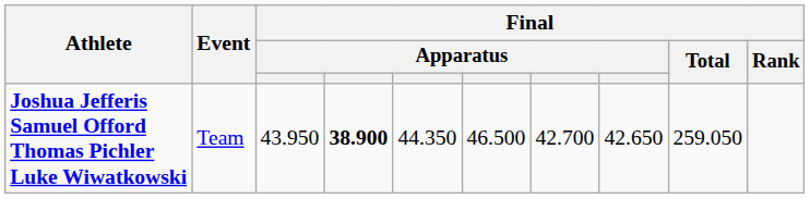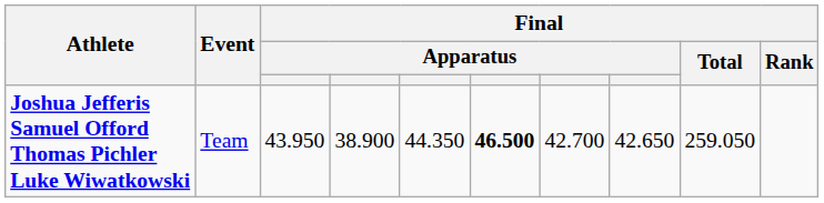 <table class=wikitable style=font-size:90%;text-align:center>
 <tr>
 <th rowspan=3>Athlete</th>
 <th rowspan=3>Event</th>
 <th colspan=8>Final</th>
 </tr>
 <tr style=font-size:95%>
 <th colspan=6>Apparatus</th>
 <th rowspan=2>Total</th>
 <th rowspan=2>Rank</th>
 </tr>
 <tr style=font-size:95%>
 <th></th>
 <th></th>
 <th></th>
 <th></th>
 <th></th>
 <th></th>
 </tr>
 <tr align=center>
 <td align=left><strong><a href='#'>Joshua Jefferis</a><br><a href='#'>Samuel Offord</a><br><a href='#'>Thomas Pichler</a><br><a href='#'>Luke Wiwatkowski</a></strong></td>
 <td align=left><a href='#'>Team</a></td>
 <td>43.950</td>
-<td><strong>38.900</strong></td>
+<td>38.900</td>
 <td>44.350</td>
-<td>46.500</td>
+<td><strong>46.500</strong></td>
 <td>42.700</td>
 <td>42.650</td>
 <td>259.050</td>
 <td></td>
 </tr>
 </table>
